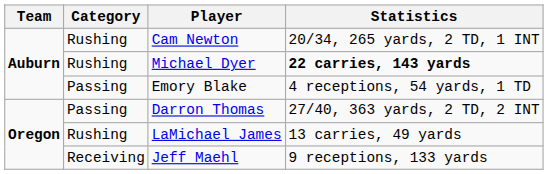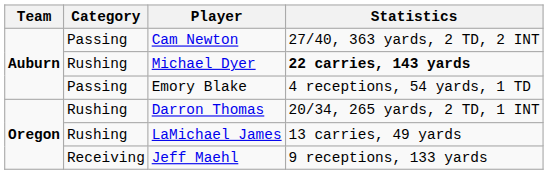 <table class="wikitable" style="float: right;">
 <tr>
 <th>Team</th>
 <th>Category</th>
 <th>Player</th>
 <th>Statistics</th>
 </tr>
 <tr>
 <td rowspan=3><strong>Auburn</strong></td>
-<td>Rushing</td>
+<td>Passing</td>
 <td><a href='#'>Cam Newton</a></td>
-<td>20/34, 265 yards, 2 TD, 1 INT</td>
+<td>27/40, 363 yards, 2 TD, 2 INT</td>
 </tr>
 <tr>
 <td>Rushing</td>
 <td><a href='#'>Michael Dyer</a></td>
 <td><strong>22 carries, 143 yards</strong></td>
 </tr>
 <tr>
 <td>Passing</td>
 <td>Emory Blake</td>
 <td>4 receptions, 54 yards, 1 TD</td>
 </tr>
 <tr>
 <td rowspan=3><strong>Oregon</strong></td>
-<td>Passing</td>
+<td>Rushing</td>
 <td><a href='#'>Darron Thomas</a></td>
-<td>27/40, 363 yards, 2 TD, 2 INT</td>
+<td>20/34, 265 yards, 2 TD, 1 INT</td>
 </tr>
 <tr>
 <td>Rushing</td>
 <td><a href='#'>LaMichael James</a></td>
 <td>13 carries, 49 yards</td>
 </tr>
 <tr>
 <td>Receiving</td>
 <td><a href='#'>Jeff Maehl</a></td>
 <td>9 receptions, 133 yards</td>
 </tr>
 </table>
